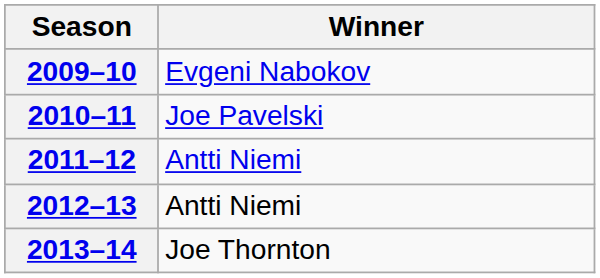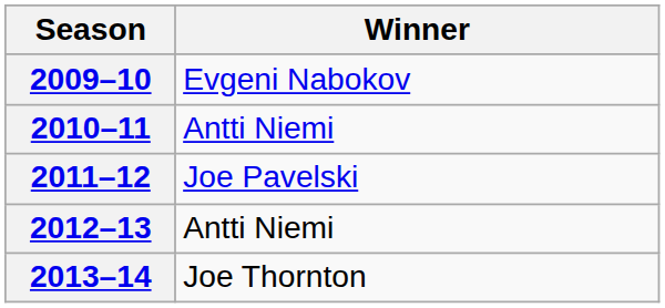 <table class="wikitable">
 <tr>
 <th scope="col" style="width:5em">Season</th>
 <th scope="col" style="width:15em">Winner</th>
 </tr>
 <tr>
 <th scope="row"><a href='#'>2009–10</a></th>
 <td><a href='#'>Evgeni Nabokov</a></td>
 </tr>
 <tr>
 <th scope="row"><a href='#'>2010–11</a></th>
-<td><a href='#'>Joe Pavelski</a></td>
+<td><a href='#'>Antti Niemi</a></td>
 </tr>
 <tr>
 <th scope="row"><a href='#'>2011–12</a></th>
-<td><a href='#'>Antti Niemi</a></td>
+<td><a href='#'>Joe Pavelski</a></td>
 </tr>
 <tr>
 <th scope="row"><a href='#'>2012–13</a></th>
 <td>Antti Niemi</td>
 </tr>
 <tr>
 <th scope="row"><a href='#'>2013–14</a></th>
 <td>Joe Thornton</td>
 </tr>
 </table>
